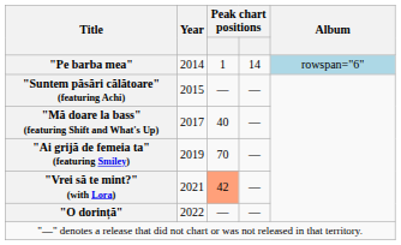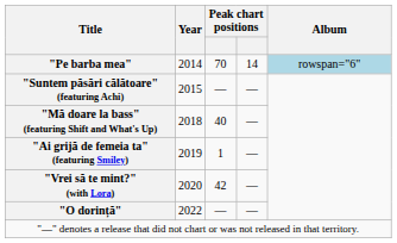 <table class="wikitable plainrowheaders" style="text-align:center;">
 <tr>
 <th scope="col" rowspan="2" style="width:14em;">Title</th>
 <th scope="col" rowspan="2" style="width:1em;">Year</th>
 <th colspan="2" scope="col">Peak chart positions</th>
 <th scope="col" rowspan="2" style="width:10em;">Album</th>
 </tr>
 <tr>
 <th scope="col" style="width:2.5em;font-size:90%;"><br></th>
 <th scope="col" style="width:2.5em;font-size:90%;"><br></th>
 </tr>
 <tr>
 <th scope="row">"Pe barba mea"</th>
 <td rowspan="1">2014</td>
-<td>1</td>
+<td>70</td>
 <td>14</td>
 <td style="background: lightblue;">rowspan="6" </td>
 </tr>
 <tr>
 <th scope="row">"Suntem păsări călătoare"<br><small>(featuring Achi)</small></th>
 <td rowspan="1">2015</td>
 <td>—</td>
 <td>—</td>
 </tr>
 <tr>
 <th scope="row">"Mă doare la bass"<br><small>(featuring Shift and What's Up)</small></th>
-<td rowspan="1">2017</td>
+<td rowspan="1">2018</td>
 <td>40</td>
 <td>—</td>
 </tr>
 <tr>
 <th scope="row">"Ai grijă de femeia ta"<br><small>(featuring <a href='#'>Smiley</a>)</small></th>
 <td rowspan="1">2019</td>
-<td>70</td>
+<td>1</td>
 <td>—</td>
 </tr>
 <tr>
 <th scope="row">"Vrei să te mint?"<br><small>(with <a href='#'>Lora</a>)</small></th>
-<td rowspan="1">2021</td>
-<td style="background: lightsalmon;">42</td>
+<td rowspan="1">2020</td>
+<td>42</td>
 <td>—</td>
 </tr>
 <tr>
 <th scope="row">"O dorință"</th>
 <td rowspan="1">2022</td>
 <td>—</td>
 <td>—</td>
 </tr>
 <tr>
 <td colspan="15" style="font-size:90%">"—" denotes a release that did not chart or was not released in that territory.</td>
 </tr>
 </table>
